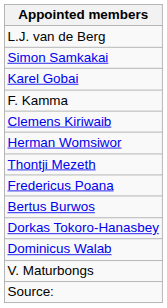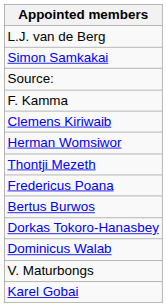 <table class=wikitable>
 <tr>
 <th>Appointed members</th>
 </tr>
 <tr>
 <td>L.J. van de Berg</td>
 </tr>
 <tr>
 <td><a href='#'>Simon Samkakai</a></td>
 </tr>
 <tr>
-<td><a href='#'>Karel Gobai</a></td>
+<td>Source: </td>
 </tr>
 <tr>
 <td>F. Kamma</td>
 </tr>
 <tr>
 <td><a href='#'>Clemens Kiriwaib</a></td>
 </tr>
 <tr>
 <td><a href='#'>Herman Womsiwor</a></td>
 </tr>
 <tr>
 <td><a href='#'>Thontji Mezeth</a></td>
 </tr>
 <tr>
 <td><a href='#'>Fredericus Poana</a></td>
 </tr>
 <tr>
 <td><a href='#'>Bertus Burwos</a></td>
 </tr>
 <tr>
 <td><a href='#'>Dorkas Tokoro-Hanasbey</a></td>
 </tr>
 <tr>
 <td><a href='#'>Dominicus Walab</a></td>
 </tr>
 <tr>
 <td>V. Maturbongs</td>
 </tr>
 <tr>
-<td>Source: </td>
+<td><a href='#'>Karel Gobai</a></td>
 </tr>
 </table>
